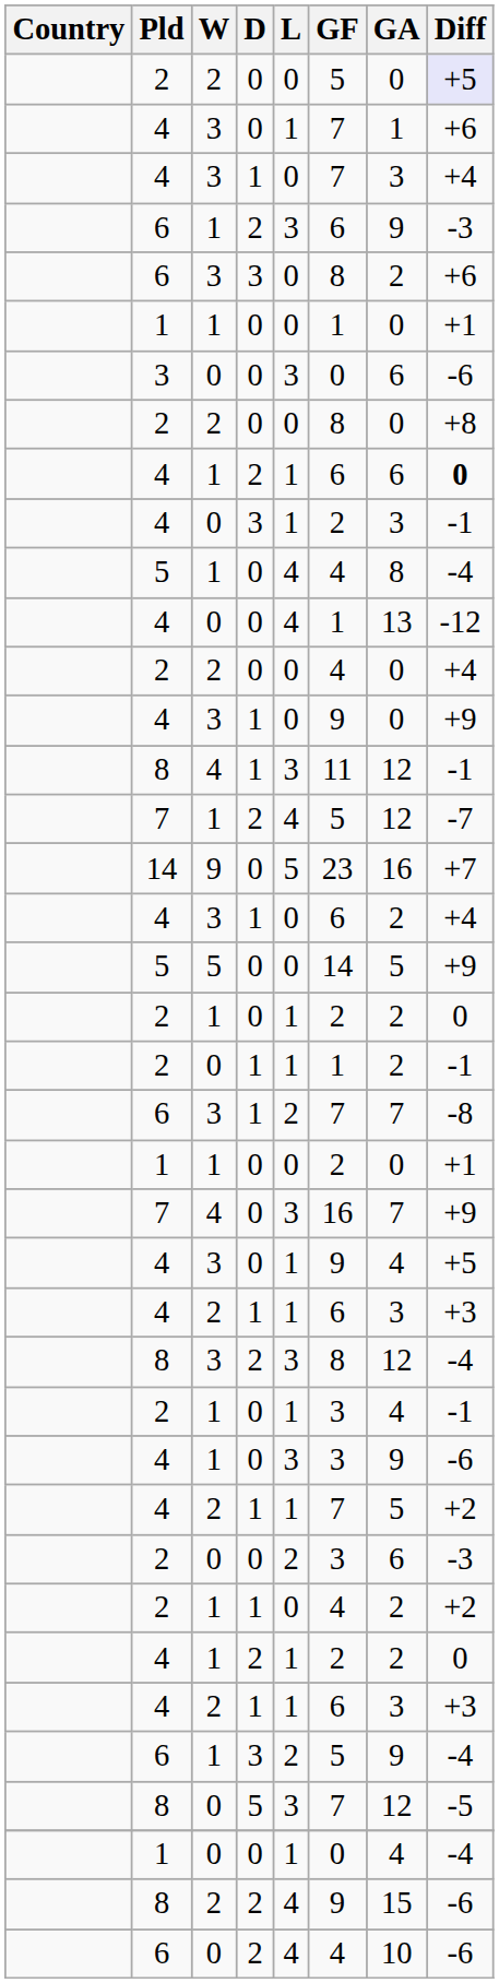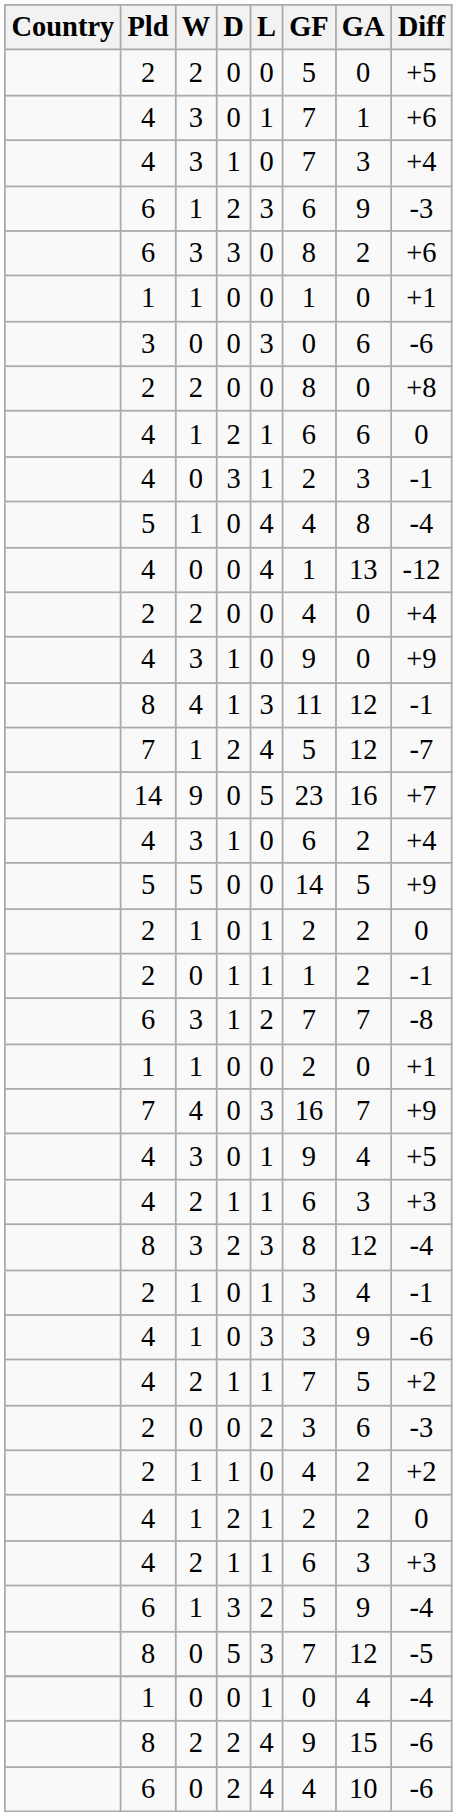 <table class="wikitable sortable" style="text-align:center">
 <tr>
 <th>Country</th>
 <th>Pld</th>
 <th>W</th>
 <th>D</th>
 <th>L</th>
 <th>GF</th>
 <th>GA</th>
 <th>Diff</th>
 </tr>
 <tr>
 <td align=left></td>
 <td>2</td>
 <td>2</td>
 <td>0</td>
 <td>0</td>
 <td>5</td>
 <td>0</td>
-<td style="background: lavender;">+5</td>
+<td>+5</td>
 </tr>
 <tr>
 <td align=left></td>
 <td>4</td>
 <td>3</td>
 <td>0</td>
 <td>1</td>
 <td>7</td>
 <td>1</td>
 <td>+6</td>
 </tr>
 <tr>
 <td align=left></td>
 <td>4</td>
 <td>3</td>
 <td>1</td>
 <td>0</td>
 <td>7</td>
 <td>3</td>
 <td>+4</td>
 </tr>
 <tr>
 <td align=left></td>
 <td>6</td>
 <td>1</td>
 <td>2</td>
 <td>3</td>
 <td>6</td>
 <td>9</td>
 <td>-3</td>
 </tr>
 <tr>
 <td align=left></td>
 <td>6</td>
 <td>3</td>
 <td>3</td>
 <td>0</td>
 <td>8</td>
 <td>2</td>
 <td>+6</td>
 </tr>
 <tr>
 <td align=left></td>
 <td>1</td>
 <td>1</td>
 <td>0</td>
 <td>0</td>
 <td>1</td>
 <td>0</td>
 <td>+1</td>
 </tr>
 <tr>
 <td align=left></td>
 <td>3</td>
 <td>0</td>
 <td>0</td>
 <td>3</td>
 <td>0</td>
 <td>6</td>
 <td>-6</td>
 </tr>
 <tr>
 <td align=left></td>
 <td>2</td>
 <td>2</td>
 <td>0</td>
 <td>0</td>
 <td>8</td>
 <td>0</td>
 <td>+8</td>
 </tr>
 <tr>
 <td align=left></td>
 <td>4</td>
 <td>1</td>
 <td>2</td>
 <td>1</td>
 <td>6</td>
 <td>6</td>
-<td><strong>0</strong></td>
+<td>0</td>
 </tr>
 <tr>
 <td align=left></td>
 <td>4</td>
 <td>0</td>
 <td>3</td>
 <td>1</td>
 <td>2</td>
 <td>3</td>
 <td>-1</td>
 </tr>
 <tr>
 <td align=left></td>
 <td>5</td>
 <td>1</td>
 <td>0</td>
 <td>4</td>
 <td>4</td>
 <td>8</td>
 <td>-4</td>
 </tr>
 <tr>
 <td align=left></td>
 <td>4</td>
 <td>0</td>
 <td>0</td>
 <td>4</td>
 <td>1</td>
 <td>13</td>
 <td>-12</td>
 </tr>
 <tr>
 <td align=left></td>
 <td>2</td>
 <td>2</td>
 <td>0</td>
 <td>0</td>
 <td>4</td>
 <td>0</td>
 <td>+4</td>
 </tr>
 <tr>
 <td align=left></td>
 <td>4</td>
 <td>3</td>
 <td>1</td>
 <td>0</td>
 <td>9</td>
 <td>0</td>
 <td>+9</td>
 </tr>
 <tr>
 <td align=left></td>
 <td>8</td>
 <td>4</td>
 <td>1</td>
 <td>3</td>
 <td>11</td>
 <td>12</td>
 <td>-1</td>
 </tr>
 <tr>
 <td align=left></td>
 <td>7</td>
 <td>1</td>
 <td>2</td>
 <td>4</td>
 <td>5</td>
 <td>12</td>
 <td>-7</td>
 </tr>
 <tr>
 <td align=left></td>
 <td>14</td>
 <td>9</td>
 <td>0</td>
 <td>5</td>
 <td>23</td>
 <td>16</td>
 <td>+7</td>
 </tr>
 <tr>
 <td align=left></td>
 <td>4</td>
 <td>3</td>
 <td>1</td>
 <td>0</td>
 <td>6</td>
 <td>2</td>
 <td>+4</td>
 </tr>
 <tr>
 <td align=left></td>
 <td>5</td>
 <td>5</td>
 <td>0</td>
 <td>0</td>
 <td>14</td>
 <td>5</td>
 <td>+9</td>
 </tr>
 <tr>
 <td align=left></td>
 <td>2</td>
 <td>1</td>
 <td>0</td>
 <td>1</td>
 <td>2</td>
 <td>2</td>
 <td>0</td>
 </tr>
 <tr>
 <td align=left></td>
 <td>2</td>
 <td>0</td>
 <td>1</td>
 <td>1</td>
 <td>1</td>
 <td>2</td>
 <td>-1</td>
 </tr>
 <tr>
 <td align=left></td>
 <td>6</td>
 <td>3</td>
 <td>1</td>
 <td>2</td>
 <td>7</td>
 <td>7</td>
 <td>-8</td>
 </tr>
 <tr>
 <td align=left></td>
 <td>1</td>
 <td>1</td>
 <td>0</td>
 <td>0</td>
 <td>2</td>
 <td>0</td>
 <td>+1</td>
 </tr>
 <tr>
 <td align=left></td>
 <td>7</td>
 <td>4</td>
 <td>0</td>
 <td>3</td>
 <td>16</td>
 <td>7</td>
 <td>+9</td>
 </tr>
 <tr>
 <td align=left></td>
 <td>4</td>
 <td>3</td>
 <td>0</td>
 <td>1</td>
 <td>9</td>
 <td>4</td>
 <td>+5</td>
 </tr>
 <tr>
 <td align=left></td>
 <td>4</td>
 <td>2</td>
 <td>1</td>
 <td>1</td>
 <td>6</td>
 <td>3</td>
 <td>+3</td>
 </tr>
 <tr>
 <td align=left></td>
 <td>8</td>
 <td>3</td>
 <td>2</td>
 <td>3</td>
 <td>8</td>
 <td>12</td>
 <td>-4</td>
 </tr>
 <tr>
 <td align=left></td>
 <td>2</td>
 <td>1</td>
 <td>0</td>
 <td>1</td>
 <td>3</td>
 <td>4</td>
 <td>-1</td>
 </tr>
 <tr>
 <td align=left></td>
 <td>4</td>
 <td>1</td>
 <td>0</td>
 <td>3</td>
 <td>3</td>
 <td>9</td>
 <td>-6</td>
 </tr>
 <tr>
 <td align=left></td>
 <td>4</td>
 <td>2</td>
 <td>1</td>
 <td>1</td>
 <td>7</td>
 <td>5</td>
 <td>+2</td>
 </tr>
 <tr>
 <td align=left></td>
 <td>2</td>
 <td>0</td>
 <td>0</td>
 <td>2</td>
 <td>3</td>
 <td>6</td>
 <td>-3</td>
 </tr>
 <tr>
 <td align=left></td>
 <td>2</td>
 <td>1</td>
 <td>1</td>
 <td>0</td>
 <td>4</td>
 <td>2</td>
 <td>+2</td>
 </tr>
 <tr>
 <td align=left></td>
 <td>4</td>
 <td>1</td>
 <td>2</td>
 <td>1</td>
 <td>2</td>
 <td>2</td>
 <td>0</td>
 </tr>
 <tr>
 <td align=left></td>
 <td>4</td>
 <td>2</td>
 <td>1</td>
 <td>1</td>
 <td>6</td>
 <td>3</td>
 <td>+3</td>
 </tr>
 <tr>
 <td align=left></td>
 <td>6</td>
 <td>1</td>
 <td>3</td>
 <td>2</td>
 <td>5</td>
 <td>9</td>
 <td>-4</td>
 </tr>
 <tr>
 <td align=left></td>
 <td>8</td>
 <td>0</td>
 <td>5</td>
 <td>3</td>
 <td>7</td>
 <td>12</td>
 <td>-5</td>
 </tr>
 <tr>
 </tr>
 <tr>
 <td align=left></td>
 <td>1</td>
 <td>0</td>
 <td>0</td>
 <td>1</td>
 <td>0</td>
 <td>4</td>
 <td>-4</td>
 </tr>
 <tr>
 <td align=left></td>
 <td>8</td>
 <td>2</td>
 <td>2</td>
 <td>4</td>
 <td>9</td>
 <td>15</td>
 <td>-6</td>
 </tr>
 <tr>
 <td align=left></td>
 <td>6</td>
 <td>0</td>
 <td>2</td>
 <td>4</td>
 <td>4</td>
 <td>10</td>
 <td>-6</td>
 </tr>
 <tr>
 </tr>
 </table>
